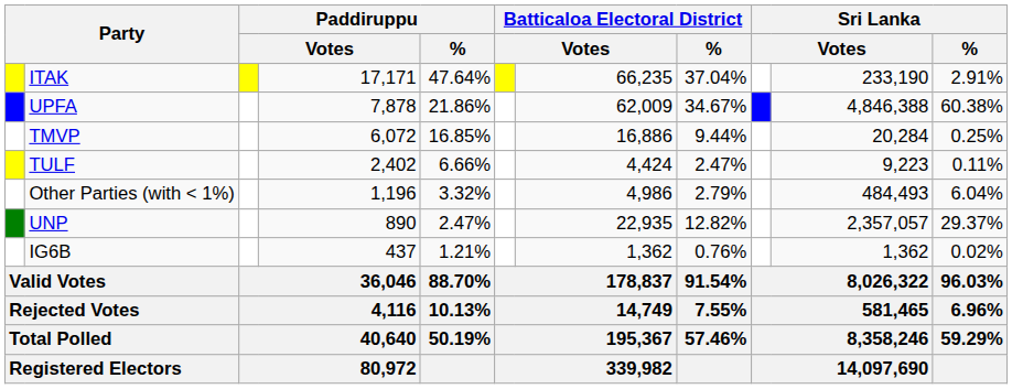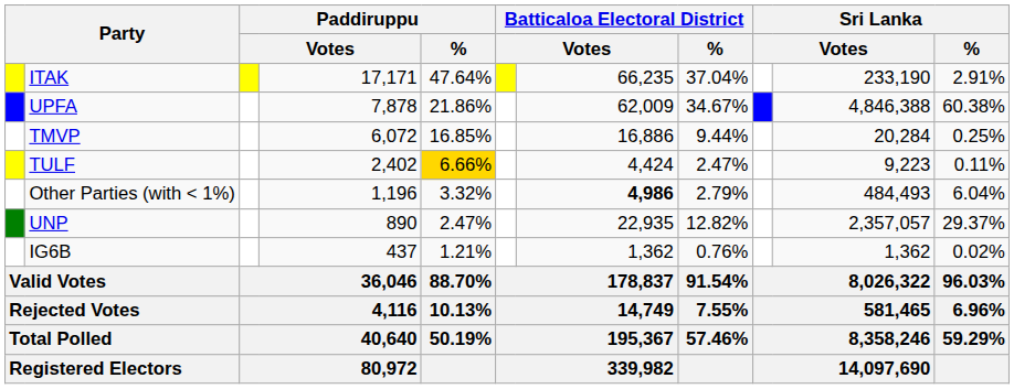 <table class="wikitable">
 <tr>
 <th colspan="2" width="144px"rowspan="2">Party</th>
 <th colspan="3" width="216px">Paddiruppu</th>
 <th colspan="3" width="216px"><a href='#'>Batticaloa Electoral District</a></th>
 <th colspan="3" width="216px">Sri Lanka</th>
 </tr>
 <tr>
 <th colspan="2" width="144px">Votes</th>
 <th>%</th>
 <th colspan="2" width="144px">Votes</th>
 <th>%</th>
 <th colspan="2" width="144px">Votes</th>
 <th>%</th>
 </tr>
 <tr>
 <td style="background-color:yellow;" width="10px"></td>
 <td style="text-align:left;"><a href='#'>ITAK</a></td>
 <td style="background-color:yellow;" width="10px"></td>
 <td style="text-align:right;">17,171</td>
 <td style="text-align:right;">47.64%</td>
 <td style="background-color:yellow;" width="10px"></td>
 <td style="text-align:right;">66,235</td>
 <td style="text-align:right;">37.04%</td>
 <td style="background-color:white;" width="10px"></td>
 <td style="text-align:right;">233,190</td>
 <td style="text-align:right;">2.91%</td>
 </tr>
 <tr>
 <td style="background-color:blue;" width="10px"></td>
 <td style="text-align:left;"><a href='#'>UPFA</a></td>
 <td style="background-color:white;" width="10px"></td>
 <td style="text-align:right;">7,878</td>
 <td style="text-align:right;">21.86%</td>
 <td style="background-color:white;" width="10px"></td>
 <td style="text-align:right;">62,009</td>
 <td style="text-align:right;">34.67%</td>
 <td style="background-color:blue;" width="10px"></td>
 <td style="text-align:right;">4,846,388</td>
 <td style="text-align:right;">60.38%</td>
 </tr>
 <tr>
 <td style="background-color:white;" width="10px"></td>
 <td style="text-align:left;"><a href='#'>TMVP</a></td>
 <td style="background-color:white;" width="10px"></td>
 <td style="text-align:right;">6,072</td>
 <td style="text-align:right;">16.85%</td>
 <td style="background-color:white;" width="10px"></td>
 <td style="text-align:right;">16,886</td>
 <td style="text-align:right;">9.44%</td>
 <td style="background-color:white;" width="10px"></td>
 <td style="text-align:right;">20,284</td>
 <td style="text-align:right;">0.25%</td>
 </tr>
 <tr>
 <td style="background-color:yellow;" width="10px"></td>
 <td style="text-align:left;"><a href='#'>TULF</a></td>
 <td style="background-color:white;" width="10px"></td>
 <td style="text-align:right;">2,402</td>
-<td style="text-align:right;">6.66%</td>
+<td style="background: gold; text-align:right;">6.66%</td>
 <td style="background-color:white;" width="10px"></td>
 <td style="text-align:right;">4,424</td>
 <td style="text-align:right;">2.47%</td>
 <td style="background-color:white;" width="10px"></td>
 <td style="text-align:right;">9,223</td>
 <td style="text-align:right;">0.11%</td>
 </tr>
 <tr>
 <td style="background-color:white;" width="10px"></td>
 <td style="text-align:left;">Other Parties (with < 1%)</td>
 <td style="background-color:white;" width="10px"></td>
 <td style="text-align:right;">1,196</td>
 <td style="text-align:right;">3.32%</td>
 <td style="background-color:white;" width="10px"></td>
-<td style="text-align:right;">4,986</td>
+<td style="text-align:right;"><strong>4,986</strong></td>
 <td style="text-align:right;">2.79%</td>
 <td style="background-color:white;" width="10px"></td>
 <td style="text-align:right;">484,493</td>
 <td style="text-align:right;">6.04%</td>
 </tr>
 <tr>
 <td style="background-color:green;" width="10px"></td>
 <td style="text-align:left;"><a href='#'>UNP</a></td>
 <td style="background-color:white;" width="10px"></td>
 <td style="text-align:right;">890</td>
 <td style="text-align:right;">2.47%</td>
 <td style="background-color:white;" width="10px"></td>
 <td style="text-align:right;">22,935</td>
 <td style="text-align:right;">12.82%</td>
 <td style="background-color:white;" width="10px"></td>
 <td style="text-align:right;">2,357,057</td>
 <td style="text-align:right;">29.37%</td>
 </tr>
 <tr>
 <td style="background-color:white;" width="10px"></td>
 <td style="text-align:left;">IG6B</td>
 <td style="background-color:white;" width="10px"></td>
 <td style="text-align:right;">437</td>
 <td style="text-align:right;">1.21%</td>
 <td style="background-color:white;" width="10px"></td>
 <td style="text-align:right;">1,362</td>
 <td style="text-align:right;">0.76%</td>
 <td style="background-color:white;" width="10px"></td>
 <td style="text-align:right;">1,362</td>
 <td style="text-align:right;">0.02%</td>
 </tr>
 <tr>
 <th colspan="2" width="144px"style="text-align:left;">Valid Votes</th>
 <th style="text-align:right;"colspan="2" width="144px">36,046</th>
 <th style="text-align:right;">88.70%</th>
 <th style="text-align:right;"colspan="2" width="144px">178,837</th>
 <th style="text-align:right;">91.54%</th>
 <th style="text-align:right;"colspan="2" width="144px">8,026,322</th>
 <th style="text-align:right;">96.03%</th>
 </tr>
 <tr>
 <th colspan="2" width="144px"style="text-align:left;">Rejected Votes</th>
 <th style="text-align:right;"colspan="2" width="144px">4,116</th>
 <th style="text-align:right;">10.13%</th>
 <th style="text-align:right;"colspan="2" width="144px">14,749</th>
 <th style="text-align:right;">7.55%</th>
 <th style="text-align:right;"colspan="2" width="144px">581,465</th>
 <th style="text-align:right;">6.96%</th>
 </tr>
 <tr>
 <th colspan="2" width="144px"style="text-align:left;">Total Polled</th>
 <th style="text-align:right;"colspan="2" width="144px">40,640</th>
 <th style="text-align:right;">50.19%</th>
 <th style="text-align:right;"colspan="2" width="144px">195,367</th>
 <th style="text-align:right;">57.46%</th>
 <th style="text-align:right;"colspan="2" width="144px">8,358,246</th>
 <th style="text-align:right;">59.29%</th>
 </tr>
 <tr>
 <th colspan="2" width="144px"style="text-align:left;">Registered Electors</th>
 <th style="text-align:right;"colspan="2" width="144px">80,972</th>
 <th></th>
 <th style="text-align:right;"colspan="2" width="144px">339,982</th>
 <th></th>
 <th style="text-align:right;"colspan="2" width="144px">14,097,690</th>
 <th></th>
 </tr>
 </table>
